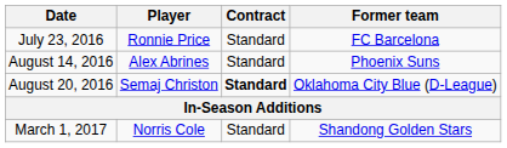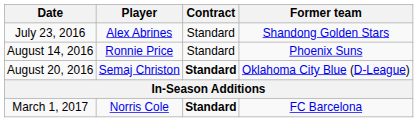 <table class="wikitable" style="text-align: center">
 <tr>
 <th>Date</th>
 <th>Player</th>
 <th>Contract</th>
 <th>Former team</th>
 </tr>
 <tr style="text-align: center">
 <td>July 23, 2016</td>
-<td><a href='#'>Ronnie Price</a></td>
+<td><a href='#'>Alex Abrines</a></td>
 <td>Standard</td>
-<td> <a href='#'>FC Barcelona</a></td>
+<td> <a href='#'>Shandong Golden Stars</a></td>
 </tr>
 <tr style="text-align: center">
 <td>August 14, 2016</td>
-<td><a href='#'>Alex Abrines</a></td>
+<td><a href='#'>Ronnie Price</a></td>
 <td>Standard</td>
 <td><a href='#'>Phoenix Suns</a></td>
 </tr>
 <tr style="text-align: center">
 <td>August 20, 2016</td>
 <td><a href='#'>Semaj Christon</a></td>
 <td><strong>Standard</strong></td>
 <td><a href='#'>Oklahoma City Blue</a> (<a href='#'>D-League</a>)</td>
 </tr>
 <tr>
 <th scope="row" colspan="6" style="text-align:center;”">In-Season Additions</th>
 </tr>
 <tr style="text-align: center">
 <td>March 1, 2017</td>
 <td><a href='#'>Norris Cole</a></td>
-<td>Standard</td>
-<td> <a href='#'>Shandong Golden Stars</a></td>
+<td><strong>Standard</strong></td>
+<td> <a href='#'>FC Barcelona</a></td>
 </tr>
 </table>
